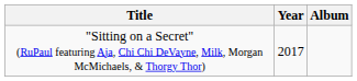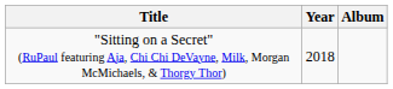 <table class="wikitable plainrowheaders" style="text-align:center;">
 <tr>
 <th style="width:20em;">Title</th>
 <th>Year</th>
 <th>Album</th>
 </tr>
 <tr>
 <td>"Sitting on a Secret" <br><small>(<a href='#'>RuPaul</a> featuring <a href='#'>Aja</a>, <a href='#'>Chi Chi DeVayne</a>, <a href='#'>Milk</a>, Morgan McMichaels, & <a href='#'>Thorgy Thor</a>)</small></td>
-<td>2017</td>
+<td>2018</td>
 <td></td>
 </tr>
 </table>
